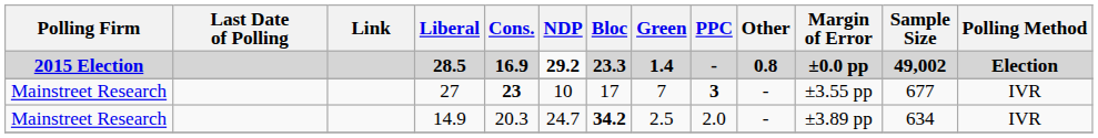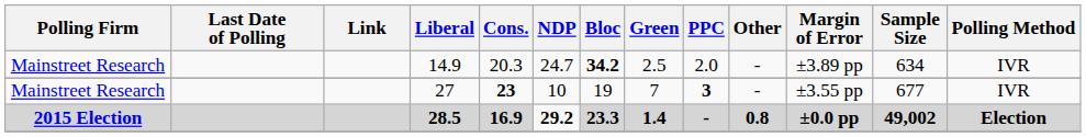 <table class="wikitable sortable" style="text-align:center;font-size:90%;line-height:14px;">
 <tr style="background:#e9e9e9;">
 <th style="width:120px">Polling Firm</th>
 <th style="width:110px">Last Date<br>of Polling</th>
 <th style="width:60px" class="unsortable">Link</th>
 <th style="background-color:"><strong><a href='#'>Liberal</a></strong></th>
 <th style="background-color:"><strong><a href='#'>Cons.</a></strong></th>
 <th style="background-color:"><strong><a href='#'>NDP</a></strong></th>
 <th style="background-color:"><strong><a href='#'>Bloc</a></strong></th>
 <th style="background-color:"><strong><a href='#'>Green</a></strong></th>
 <th style="background-color:"><strong><a href='#'>PPC</a></strong></th>
 <th style="background-color:"><strong>Other</strong></th>
 <th style="width:60px;" class=unsortable>Margin<br>of Error</th>
 <th style="width:50px;" class=unsortable>Sample<br>Size</th>
 <th class=unsortable>Polling Method</th>
+</tr>
+<tr>
+<td><a href='#'>Mainstreet Research</a></td>
+<td></td>
+<td></td>
+<td>14.9</td>
+<td>20.3</td>
+<td>24.7</td>
+<td style="background-color:"><strong>34.2</strong></td>
+<td>2.5</td>
+<td>2.0</td>
+<td>-</td>
+<td>±3.89 pp</td>
+<td>634</td>
+<td>IVR</td>
+</tr>
+<tr>
+</tr>
+<tr>
+<td><a href='#'>Mainstreet Research</a></td>
+<td></td>
+<td></td>
+<td>27</td>
+<td><strong>23</strong></td>
+<td>10</td>
+<td>19</td>
+<td>7</td>
+<td><strong>3</strong></td>
+<td>-</td>
+<td>±3.55 pp</td>
+<td>677</td>
+<td>IVR</td>
 </tr>
 <tr>
 <td style="background:#D5D5D5"><strong><a href='#'>2015 Election</a></strong></td>
 <td style="background:#D5D5D5"><strong></strong></td>
 <td style="background:#D5D5D5"></td>
 <td style="background:#D5D5D5"><strong>28.5</strong></td>
 <td style="background:#D5D5D5"><strong>16.9</strong></td>
 <td><strong>29.2</strong></td>
 <td style="background:#D5D5D5"><strong>23.3</strong></td>
 <td style="background:#D5D5D5"><strong>1.4</strong></td>
 <td style="background:#D5D5D5"><strong>-</strong></td>
 <td style="background:#D5D5D5"><strong>0.8</strong></td>
 <td style="background:#D5D5D5"><strong>±0.0 pp</strong></td>
 <td style="background:#D5D5D5"><strong>49,002</strong></td>
 <td style="background:#D5D5D5"><strong>Election</strong></td>
 </tr>
 <tr>
 </tr>
 <tr>
-<td><a href='#'>Mainstreet Research</a></td>
-<td></td>
-<td></td>
-<td>27</td>
-<td><strong>23</strong></td>
-<td>10</td>
-<td>17</td>
-<td>7</td>
-<td><strong>3</strong></td>
-<td>-</td>
-<td>±3.55 pp</td>
-<td>677</td>
-<td>IVR</td>
-</tr>
-<tr>
-<td><a href='#'>Mainstreet Research</a></td>
-<td></td>
-<td></td>
-<td>14.9</td>
-<td>20.3</td>
-<td>24.7</td>
-<td style="background-color:"><strong>34.2</strong></td>
-<td>2.5</td>
-<td>2.0</td>
-<td>-</td>
-<td>±3.89 pp</td>
-<td>634</td>
-<td>IVR</td>
-</tr>
-<tr>
-</tr>
-<tr>
 </tr>
 </table>
